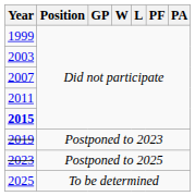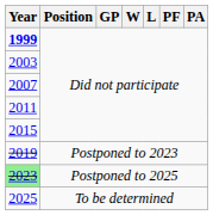 <table class="wikitable" style="text-align: center;">
 <tr>
 <th>Year</th>
 <th>Position</th>
 <th>GP</th>
 <th>W</th>
 <th>L</th>
 <th>PF</th>
 <th>PA</th>
 </tr>
 <tr>
-<td> <a href='#'>1999</a></td>
+<td><strong> <a href='#'>1999</a></strong></td>
 <td colspan=6 rowspan=5><em>Did not participate</em></td>
 </tr>
 <tr>
 <td> <a href='#'>2003</a></td>
 </tr>
 <tr>
 <td> <a href='#'>2007</a></td>
 </tr>
 <tr>
 <td> <a href='#'>2011</a></td>
 </tr>
 <tr>
-<td><strong> <a href='#'>2015</a></strong></td>
+<td> <a href='#'>2015</a></td>
 </tr>
 <tr>
 <td><s> <a href='#'>2019</a></s></td>
 <td colspan=6 rowspan=1><em>Postponed to 2023</em></td>
 </tr>
 <tr>
-<td><s> <a href='#'>2023</a></s></td>
+<td style="background: lightgreen;"><s> <a href='#'>2023</a></s></td>
 <td colspan=6 rowspan=1><em>Postponed to 2025</em></td>
 </tr>
 <tr>
 <td><a href='#'>2025</a></td>
 <td colspan=6 rowspan=1><em>To be determined</em></td>
 </tr>
 </table>
